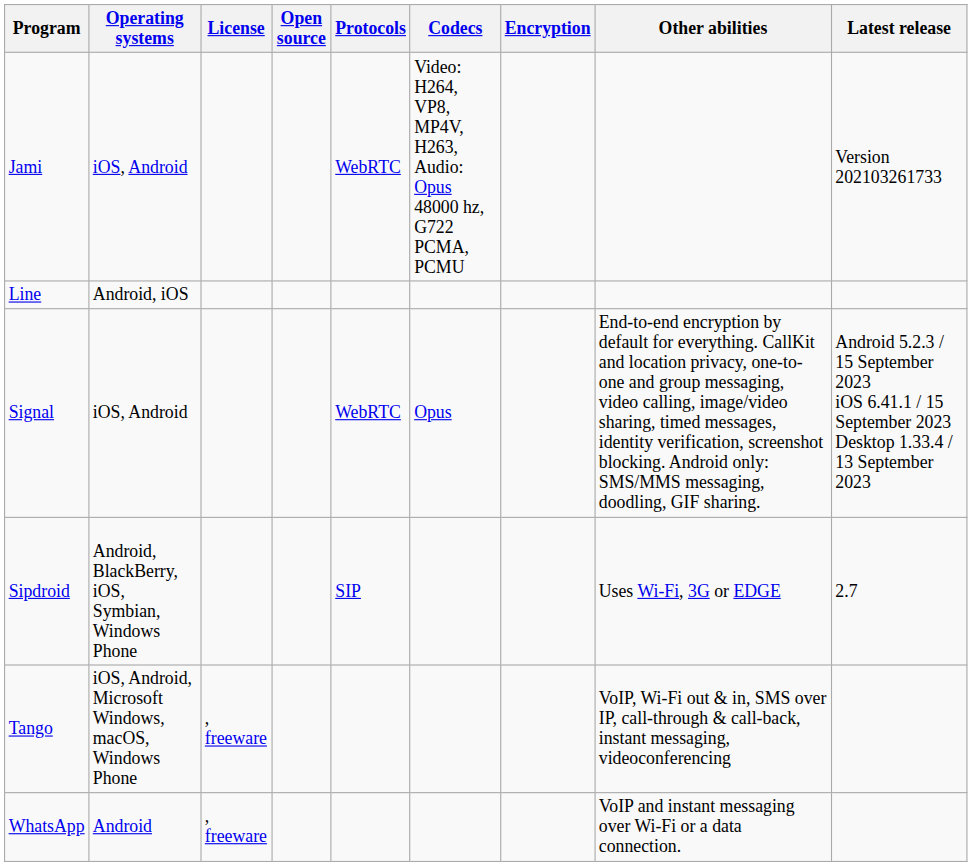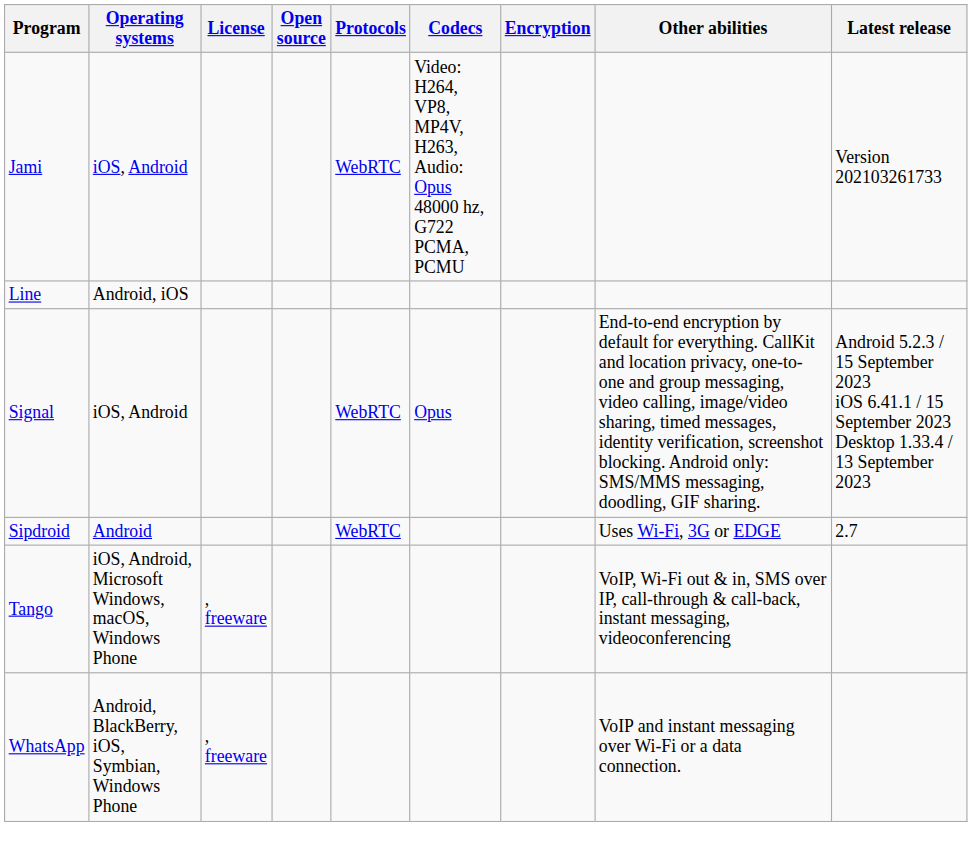 <table class="wikitable sortable sort-under">
 <tr>
 <th>Program</th>
 <th><a href='#'>Operating systems</a></th>
 <th><a href='#'>License</a></th>
 <th><a href='#'>Open source</a></th>
 <th><a href='#'>Protocols</a></th>
 <th><a href='#'>Codecs</a></th>
 <th><a href='#'>Encryption</a></th>
 <th>Other abilities</th>
 <th>Latest release</th>
 </tr>
 <tr>
 <td><a href='#'>Jami</a></td>
 <td><a href='#'>iOS</a>, <a href='#'>Android</a></td>
 <td></td>
 <td></td>
 <td><a href='#'>WebRTC</a></td>
 <td>Video: H264, VP8, MP4V, H263, Audio: <a href='#'>Opus</a> 48000 hz, G722 PCMA, PCMU</td>
 <td></td>
 <td></td>
 <td>Version 202103261733 </td>
 </tr>
 <tr>
 <td><a href='#'>Line</a></td>
 <td>Android, iOS</td>
 <td></td>
 <td></td>
 <td></td>
 <td></td>
 <td></td>
 <td></td>
 <td></td>
 </tr>
 <tr>
 <td><a href='#'>Signal</a></td>
 <td>iOS, Android</td>
 <td></td>
 <td></td>
 <td><a href='#'>WebRTC</a></td>
 <td><a href='#'>Opus</a></td>
 <td></td>
 <td>End-to-end encryption by default for everything. CallKit and location privacy, one-to-one and group messaging, video calling, image/video sharing, timed messages, identity verification, screenshot blocking. Android only: SMS/MMS messaging, doodling, GIF sharing.</td>
 <td>Android	5.2.3 / 15 September 2023<br>iOS	6.41.1 / 15 September 2023 Desktop	1.33.4 / 13 September 2023</td>
 </tr>
 <tr>
 <td><a href='#'>Sipdroid</a></td>
-<td><br>Android, BlackBerry, iOS, Symbian, Windows Phone</td>
+<td><a href='#'>Android</a></td>
 <td></td>
 <td></td>
-<td><a href='#'>SIP</a></td>
+<td><a href='#'>WebRTC</a></td>
 <td></td>
 <td></td>
 <td>Uses <a href='#'>Wi-Fi</a>, <a href='#'>3G</a> or <a href='#'>EDGE</a></td>
 <td>2.7</td>
 </tr>
 <tr>
 <td><a href='#'>Tango</a></td>
 <td>iOS, Android, Microsoft Windows, macOS, Windows Phone</td>
 <td>, <a href='#'>freeware</a></td>
 <td></td>
 <td></td>
 <td></td>
 <td></td>
 <td>VoIP, Wi-Fi out & in, SMS over IP, call-through & call-back, instant messaging, videoconferencing</td>
 <td></td>
 </tr>
 <tr>
 <td><a href='#'>WhatsApp</a></td>
-<td><a href='#'>Android</a></td>
+<td><br>Android, BlackBerry, iOS, Symbian, Windows Phone</td>
 <td>, <a href='#'>freeware</a></td>
 <td></td>
 <td></td>
 <td></td>
 <td></td>
 <td>VoIP and instant messaging over Wi-Fi or a data connection.</td>
 <td></td>
 </tr>
 </table>
